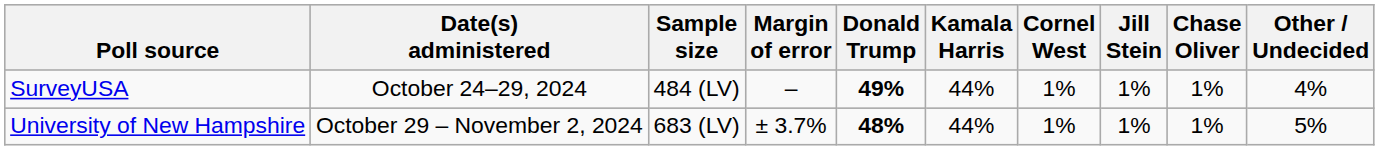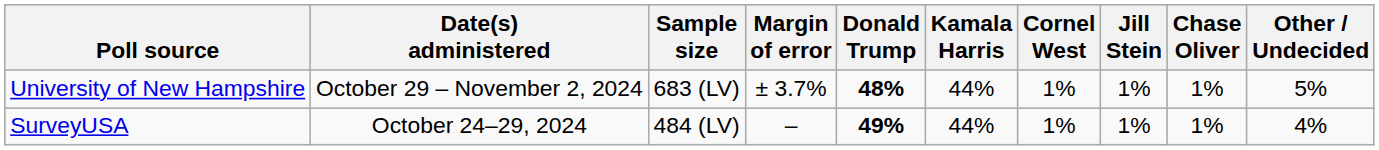 <table class="wikitable sortable mw-datatable" style="font-size:90%;text-align:center;line-height:17px">
 <tr style="vertical-align:bottom">
 <th>Poll source</th>
 <th>Date(s)<br>administered</th>
 <th>Sample<br>size</th>
 <th>Margin<br>of error</th>
 <th class="unsortable">Donald<br>Trump<br></th>
 <th class="unsortable">Kamala<br>Harris<br></th>
 <th class="unsortable">Cornel<br>West<br></th>
 <th class="unsortable">Jill<br>Stein<br></th>
 <th class="unsortable">Chase<br>Oliver<br></th>
 <th class="unsortable">Other /<br>Undecided</th>
 </tr>
 <tr>
+<td style="text-align:left;"><a href='#'>University of New Hampshire</a></td>
+<td data-sort-value="2024-11-02">October 29 – November 2, 2024</td>
+<td>683 (LV)</td>
+<td>± 3.7%</td>
+<td style="background-color:"><strong>48%</strong></td>
+<td>44%</td>
+<td>1%</td>
+<td>1%</td>
+<td>1%</td>
+<td>5%</td>
+</tr>
+<tr>
 <td style="text-align:left;"><a href='#'>SurveyUSA</a></td>
 <td data-sort-value="2024-10-29">October 24–29, 2024</td>
 <td>484 (LV)</td>
 <td>–</td>
 <td style="background-color:"><strong>49%</strong></td>
 <td>44%</td>
 <td>1%</td>
 <td>1%</td>
 <td>1%</td>
 <td>4%</td>
 </tr>
-<tr>
-<td style="text-align:left;"><a href='#'>University of New Hampshire</a></td>
-<td data-sort-value="2024-11-02">October 29 – November 2, 2024</td>
-<td>683 (LV)</td>
-<td>± 3.7%</td>
-<td style="background-color:"><strong>48%</strong></td>
-<td>44%</td>
-<td>1%</td>
-<td>1%</td>
-<td>1%</td>
-<td>5%</td>
-</tr>
 </table>
